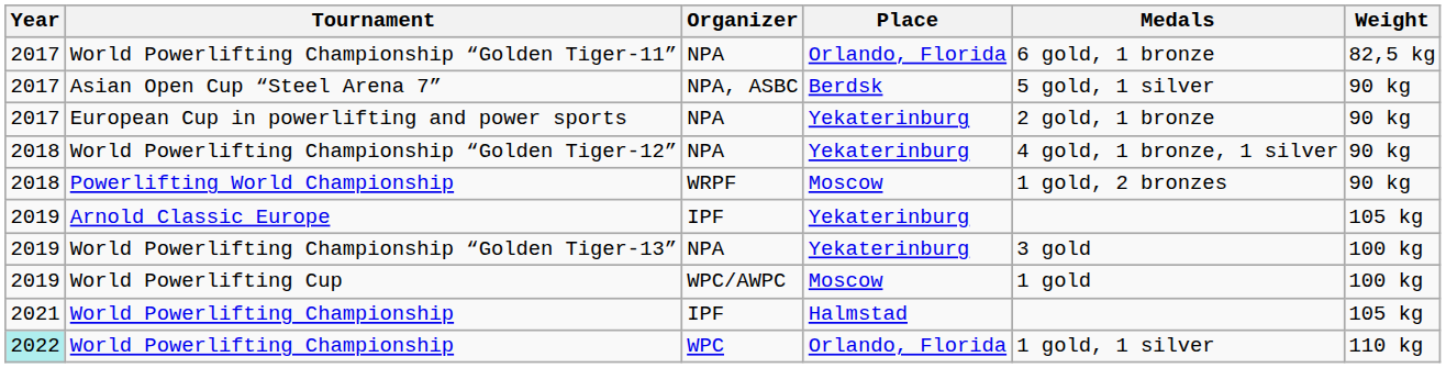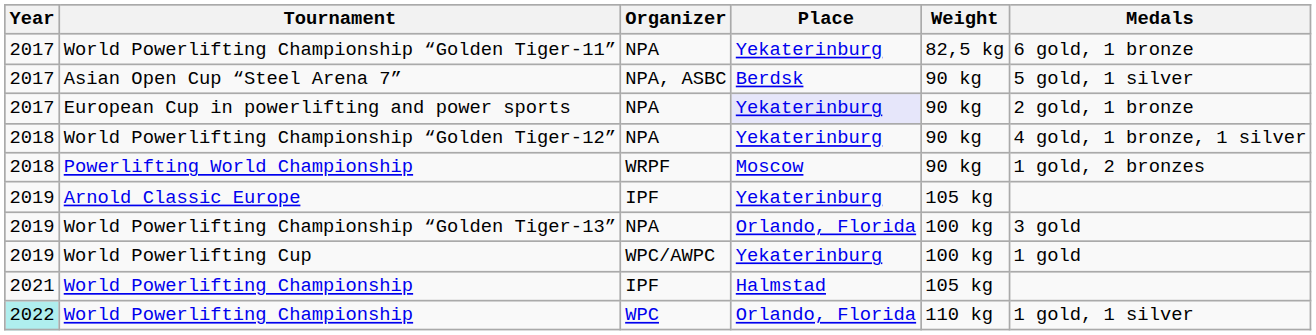 <table class="wikitable" border="1" style="font-size:85%;">
 <tr>
 <th>Year</th>
 <th>Tournament</th>
 <th>Organizer</th>
 <th>Place</th>
+<th>Weight</th>
 <th>Medals</th>
-<th>Weight</th>
 </tr>
 <tr>
 <td>2017</td>
 <td>World Powerlifting Championship “Golden Tiger-11”</td>
 <td>NPA</td>
-<td><a href='#'>Orlando, Florida</a></td>
+<td><a href='#'>Yekaterinburg</a></td>
+<td>82,5 kg</td>
 <td>6 gold, 1 bronze</td>
-<td>82,5 kg</td>
 </tr>
 <tr>
 <td>2017</td>
 <td>Asian Open Cup “Steel Arena 7”</td>
 <td>NPA, ASBC</td>
 <td><a href='#'>Berdsk</a></td>
+<td>90 kg</td>
 <td>5 gold, 1 silver</td>
-<td>90 kg</td>
 </tr>
 <tr>
 <td>2017</td>
 <td>European Cup in powerlifting and power sports</td>
 <td>NPA</td>
-<td><a href='#'>Yekaterinburg</a></td>
+<td style="background: lavender;"><a href='#'>Yekaterinburg</a></td>
+<td>90 kg</td>
 <td>2 gold, 1 bronze</td>
-<td>90 kg</td>
 </tr>
 <tr>
 <td>2018</td>
 <td>World Powerlifting Championship “Golden Tiger-12”</td>
 <td>NPA</td>
 <td><a href='#'>Yekaterinburg</a></td>
+<td>90 kg</td>
 <td>4 gold, 1 bronze, 1 silver</td>
-<td>90 kg</td>
 </tr>
 <tr>
 <td>2018</td>
 <td><a href='#'>Powerlifting World Championship</a></td>
 <td>WRPF</td>
 <td><a href='#'>Moscow</a></td>
+<td>90 kg</td>
 <td>1 gold, 2 bronzes</td>
-<td>90 kg</td>
 </tr>
 <tr>
 <td>2019</td>
 <td><a href='#'>Arnold Classic Europe</a></td>
 <td>IPF</td>
 <td><a href='#'>Yekaterinburg</a></td>
+<td>105 kg</td>
 <td></td>
-<td>105 kg</td>
 </tr>
 <tr>
 <td>2019</td>
 <td>World Powerlifting Championship “Golden Tiger-13”</td>
 <td>NPA</td>
-<td><a href='#'>Yekaterinburg</a></td>
+<td><a href='#'>Orlando, Florida</a></td>
+<td>100 kg</td>
 <td>3 gold</td>
-<td>100 kg</td>
 </tr>
 <tr>
 <td>2019</td>
 <td>World Powerlifting Cup</td>
 <td>WPC/AWPC</td>
-<td><a href='#'>Moscow</a></td>
+<td><a href='#'>Yekaterinburg</a></td>
+<td>100 kg</td>
 <td>1 gold</td>
-<td>100 kg</td>
 </tr>
 <tr>
 <td>2021</td>
 <td><a href='#'>World Powerlifting Championship</a></td>
 <td>IPF</td>
 <td><a href='#'>Halmstad</a></td>
+<td>105 kg</td>
 <td></td>
-<td>105 kg</td>
 </tr>
 <tr>
 <td style="background: paleturquoise;">2022</td>
 <td><a href='#'>World Powerlifting Championship</a></td>
 <td><a href='#'>WPC</a></td>
 <td><a href='#'>Orlando, Florida</a></td>
+<td>110 kg</td>
 <td>1 gold, 1 silver</td>
-<td>110 kg</td>
 </tr>
 </table>
